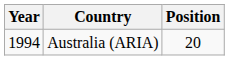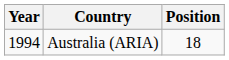 <table class="wikitable">
 <tr>
 <th align="left">Year</th>
 <th align="left">Country</th>
 <th style="text-align:center;">Position</th>
 </tr>
 <tr>
 <td style="text-align:left">1994</td>
 <td align="left">Australia (ARIA)</td>
-<td style="text-align:center;">20</td>
+<td style="text-align:center;">18</td>
 </tr>
 </table>
